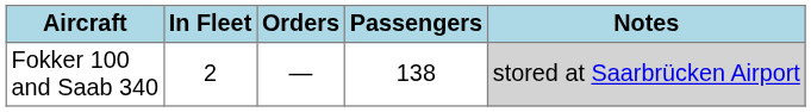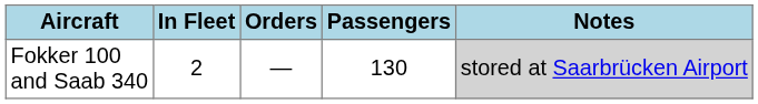 <table class="toccolours" border="1" cellpadding="3" style="border-collapse:collapse;margin:1em auto">
 <tr bgcolor=lightblue>
 <th>Aircraft</th>
 <th>In Fleet</th>
 <th>Orders</th>
 <th>Passengers</th>
 <th>Notes</th>
 </tr>
 <tr>
 <td>Fokker 100<br>and Saab 340</td>
 <td align="center">2</td>
 <td align="center">—</td>
-<td align="center">138</td>
+<td align="center">130</td>
 <td style="background: lightgrey;">stored at <a href='#'>Saarbrücken Airport</a></td>
 </tr>
 </table>
